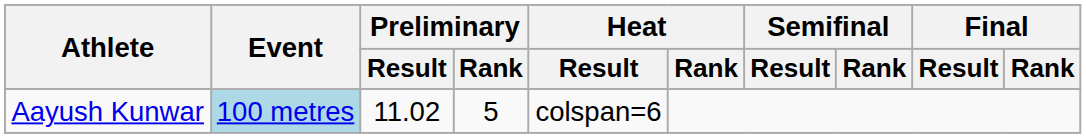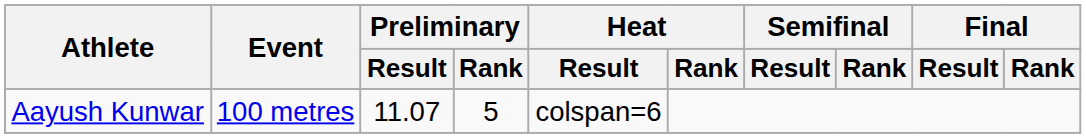 <table class="wikitable" style="font-size:90%">
 <tr>
 <th rowspan="2">Athlete</th>
 <th rowspan="2">Event</th>
 <th colspan="2">Preliminary</th>
 <th colspan="2">Heat</th>
 <th colspan="2">Semifinal</th>
 <th colspan="2">Final</th>
 </tr>
 <tr style="font-size:95%">
 <th>Result</th>
 <th>Rank</th>
 <th>Result</th>
 <th>Rank</th>
 <th>Result</th>
 <th>Rank</th>
 <th>Result</th>
 <th>Rank</th>
 </tr>
 <tr align=center>
 <td align=left><a href='#'>Aayush Kunwar</a></td>
-<td align=left style="background: lightblue;"><a href='#'>100 metres</a></td>
-<td>11.02</td>
+<td align=left><a href='#'>100 metres</a></td>
+<td>11.07</td>
 <td>5</td>
 <td>colspan=6 </td>
 </tr>
 </table>
